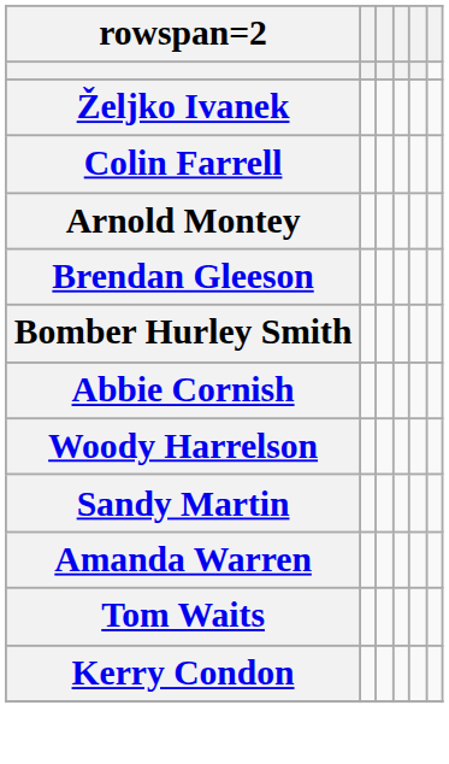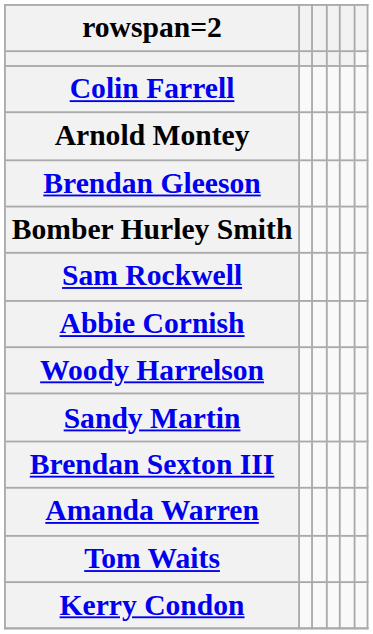 <table class="wikitable plainrowheaders" style="text-align:center;font-size:100%">
 <tr>
 <th>rowspan=2 </th>
 <th></th>
 <th></th>
 <th></th>
 <th></th>
 <th></th>
 </tr>
 <tr>
 <th></th>
 <th></th>
 <th></th>
 <th></th>
 <th></th>
-</tr>
-<tr>
-<th><a href='#'>Željko Ivanek</a></th>
-<td></td>
-<td></td>
-<td></td>
-<td></td>
-<td></td>
 </tr>
 <tr>
 <th><a href='#'>Colin Farrell</a></th>
 <td></td>
 <td></td>
 <td></td>
 <td></td>
 <td></td>
 </tr>
 <tr>
 <th>Arnold Montey</th>
 <td></td>
 <td></td>
 <td></td>
 <td></td>
 <td></td>
 </tr>
 <tr>
 <th><a href='#'>Brendan Gleeson</a></th>
 <td></td>
 <td></td>
 <td></td>
 <td></td>
 <td></td>
 </tr>
 <tr>
 <th>Bomber Hurley Smith</th>
 <td></td>
 <td></td>
 <td></td>
 <td></td>
 <td></td>
 </tr>
 <tr>
+<th><a href='#'>Sam Rockwell</a></th>
+<td></td>
+<td></td>
+<td></td>
+<td></td>
+<td></td>
+</tr>
+<tr>
 <th><a href='#'>Abbie Cornish</a></th>
 <td></td>
 <td></td>
 <td></td>
 <td></td>
 <td></td>
 </tr>
 <tr>
 <th><a href='#'>Woody Harrelson</a></th>
 <td></td>
 <td></td>
 <td></td>
 <td></td>
 <td></td>
 </tr>
 <tr>
 <th><a href='#'>Sandy Martin</a></th>
+<td></td>
+<td></td>
+<td></td>
+<td></td>
+<td></td>
+</tr>
+<tr>
+<th><a href='#'>Brendan Sexton III</a></th>
 <td></td>
 <td></td>
 <td></td>
 <td></td>
 <td></td>
 </tr>
 <tr>
 <th><a href='#'>Amanda Warren</a></th>
 <td></td>
 <td></td>
 <td></td>
 <td></td>
 <td></td>
 </tr>
 <tr>
 <th><a href='#'>Tom Waits</a></th>
 <td></td>
 <td></td>
 <td></td>
 <td></td>
 <td></td>
 </tr>
 <tr>
 <th><a href='#'>Kerry Condon</a></th>
 <td></td>
 <td></td>
 <td></td>
 <td></td>
 <td></td>
 </tr>
 <tr>
 </tr>
 </table>
